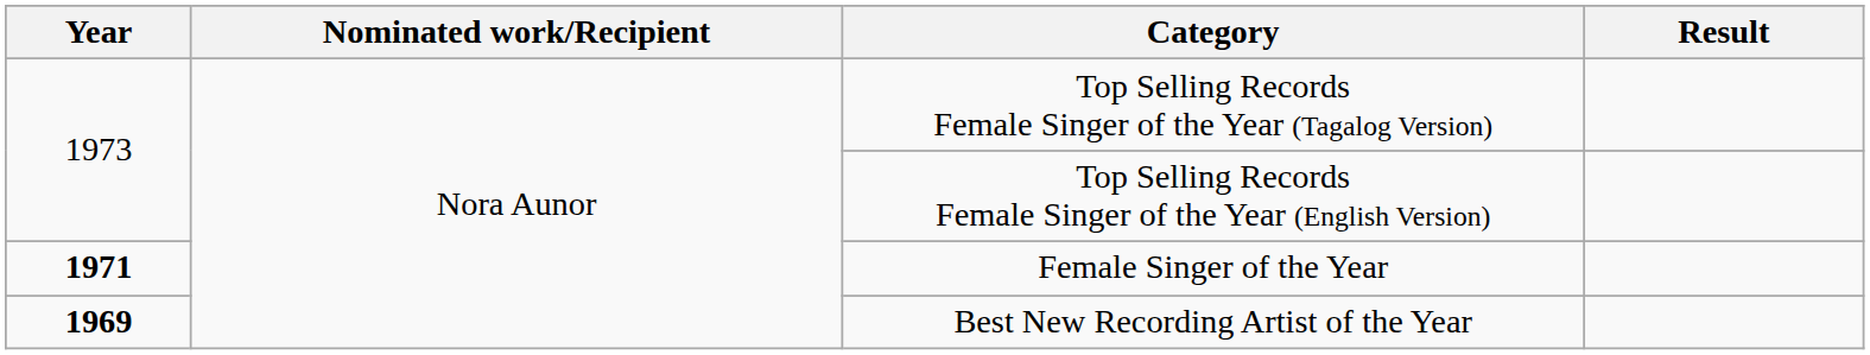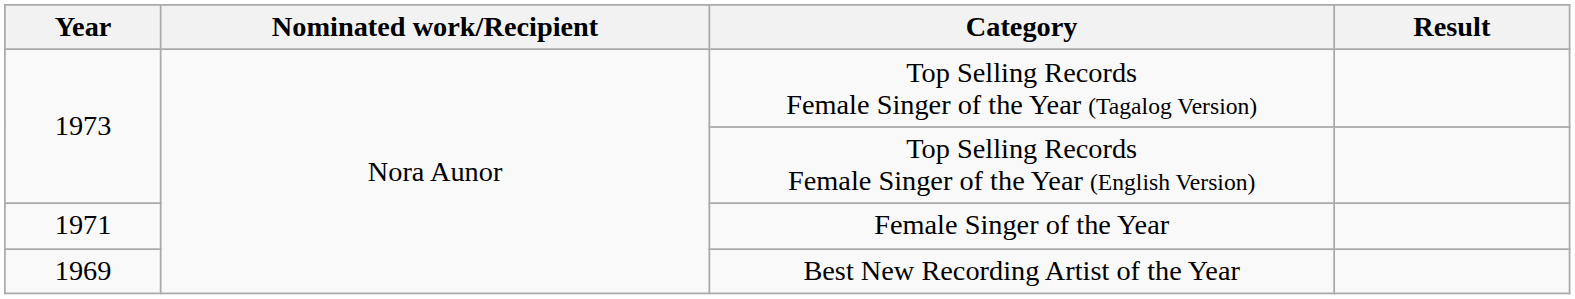 <table width="70%" class="wikitable sortable">
 <tr>
 <th width="10%">Year</th>
 <th width="35%">Nominated work/Recipient</th>
 <th width="40%">Category</th>
 <th width="15%">Result</th>
 </tr>
 <tr>
 <td align="center" rowspan="2">1973</td>
 <td align="center"rowspan="4">Nora Aunor</td>
 <td align="center">Top Selling Records<br>Female Singer of the Year  <small>(Tagalog Version)</small></td>
 <td></td>
 </tr>
 <tr>
 <td align="center">Top Selling Records<br>Female Singer of the Year  <small>(English Version)</small></td>
 <td></td>
 </tr>
 <tr>
-<td align="center"><strong>1971</strong></td>
+<td align="center">1971</td>
 <td align="center">Female Singer of the Year</td>
 <td></td>
 </tr>
 <tr>
-<td align="center"><strong>1969</strong></td>
+<td align="center">1969</td>
 <td align="center">Best New Recording Artist of the Year</td>
 <td></td>
 </tr>
 </table>
